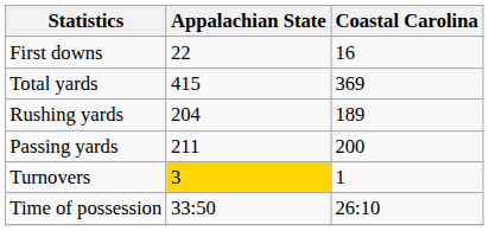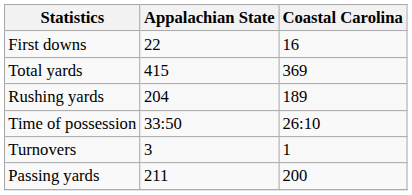 <table class="wikitable">
 <tr>
 <th>Statistics</th>
 <th>Appalachian State</th>
 <th>Coastal Carolina</th>
 </tr>
 <tr>
 <td>First downs</td>
 <td>22</td>
 <td>16</td>
 </tr>
 <tr>
 <td>Total yards</td>
 <td>415</td>
 <td>369</td>
 </tr>
 <tr>
 <td>Rushing yards</td>
 <td>204</td>
 <td>189</td>
 </tr>
 <tr>
+<td>Time of possession</td>
+<td>33:50</td>
+<td>26:10</td>
+</tr>
+<tr>
+<td>Turnovers</td>
+<td>3</td>
+<td>1</td>
+</tr>
+<tr>
 <td>Passing yards</td>
 <td>211</td>
 <td>200</td>
 </tr>
 <tr>
-<td>Turnovers</td>
-<td style="background: gold;">3</td>
-<td>1</td>
-</tr>
-<tr>
-<td>Time of possession</td>
-<td>33:50</td>
-<td>26:10</td>
-</tr>
-<tr>
 </tr>
 </table>
